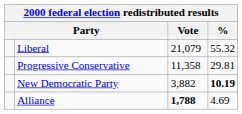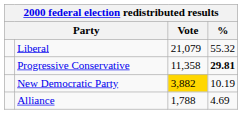 <table class="wikitable">
 <tr>
 <th colspan="4"><a href='#'>2000 federal election</a> redistributed results</th>
 </tr>
 <tr>
 <th bgcolor="#DDDDFF" width="230px" colspan="2">Party</th>
 <th bgcolor="#DDDDFF" width="50px">Vote</th>
 <th bgcolor="#DDDDFF" width="30px">%</th>
 </tr>
 <tr>
 <td> </td>
 <td><a href='#'>Liberal</a></td>
 <td>21,079</td>
 <td>55.32</td>
 </tr>
 <tr>
 <td> </td>
 <td><a href='#'>Progressive Conservative</a></td>
 <td>11,358</td>
-<td>29.81</td>
+<td><strong>29.81</strong></td>
 </tr>
 <tr>
 <td> </td>
 <td><a href='#'>New Democratic Party</a></td>
-<td>3,882</td>
-<td><strong>10.19</strong></td>
+<td style="background: gold;">3,882</td>
+<td>10.19</td>
 </tr>
 <tr>
 <td> </td>
 <td><a href='#'>Alliance</a></td>
-<td><strong>1,788</strong></td>
+<td>1,788</td>
 <td>4.69</td>
 </tr>
 </table>
